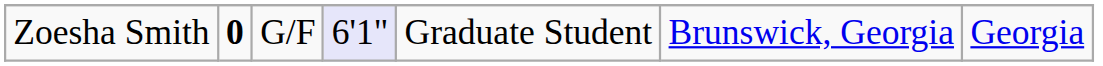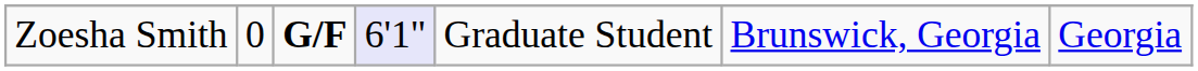 <table class="wikitable sortable" border="1" style="text-align: center;">
 <tr align=center>
 </tr>
 <tr>
 <td>Zoesha Smith</td>
-<td><strong>0</strong></td>
-<td>G/F</td>
+<td>0</td>
+<td><strong>G/F</strong></td>
 <td style="background: lavender;">6'1"</td>
 <td>Graduate Student</td>
 <td><a href='#'>Brunswick, Georgia</a></td>
 <td><a href='#'>Georgia</a></td>
 </tr>
 </table>
